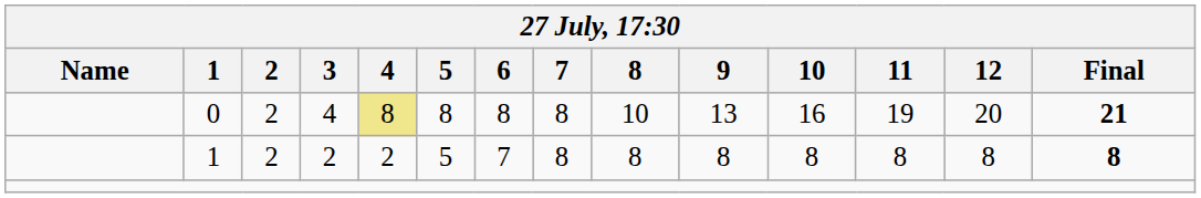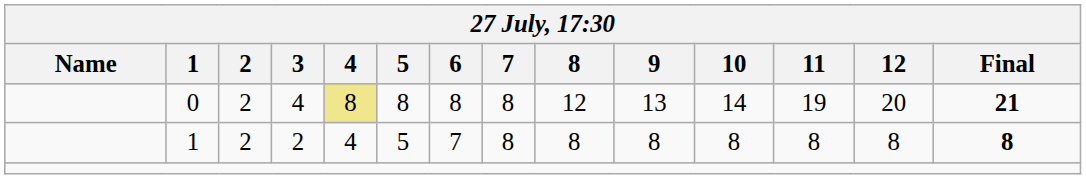 <table class=wikitable style="text-align:center; width: 55%">
 <tr>
 <th colspan=17><em>27 July, 17:30</em></th>
 </tr>
 <tr>
 <th>Name</th>
 <th>1</th>
 <th>2</th>
 <th>3</th>
 <th>4</th>
 <th>5</th>
 <th>6</th>
 <th>7</th>
 <th>8</th>
 <th>9</th>
 <th>10</th>
 <th>11</th>
 <th>12</th>
 <th>Final</th>
 </tr>
 <tr>
 <td align=left><strong></strong></td>
 <td>0</td>
 <td>2</td>
 <td>4</td>
 <td style="background: khaki;">8</td>
 <td>8</td>
 <td>8</td>
 <td>8</td>
-<td>10</td>
+<td>12</td>
 <td>13</td>
-<td>16</td>
+<td>14</td>
 <td>19</td>
 <td>20</td>
 <td><strong>21</strong></td>
 </tr>
 <tr>
 <td align=left></td>
 <td>1</td>
 <td>2</td>
 <td>2</td>
-<td>2</td>
+<td>4</td>
 <td>5</td>
 <td>7</td>
 <td>8</td>
 <td>8</td>
 <td>8</td>
 <td>8</td>
 <td>8</td>
 <td>8</td>
 <td><strong>8</strong></td>
 </tr>
 <tr>
 <td colspan=17></td>
 </tr>
 </table>
